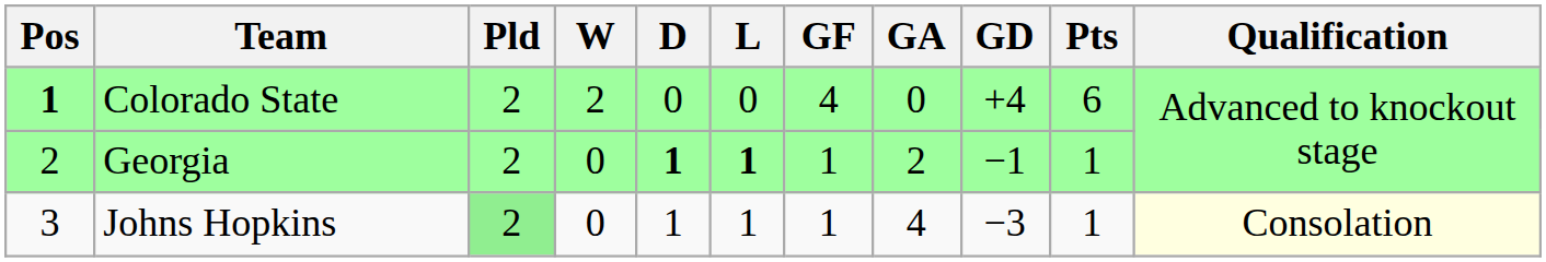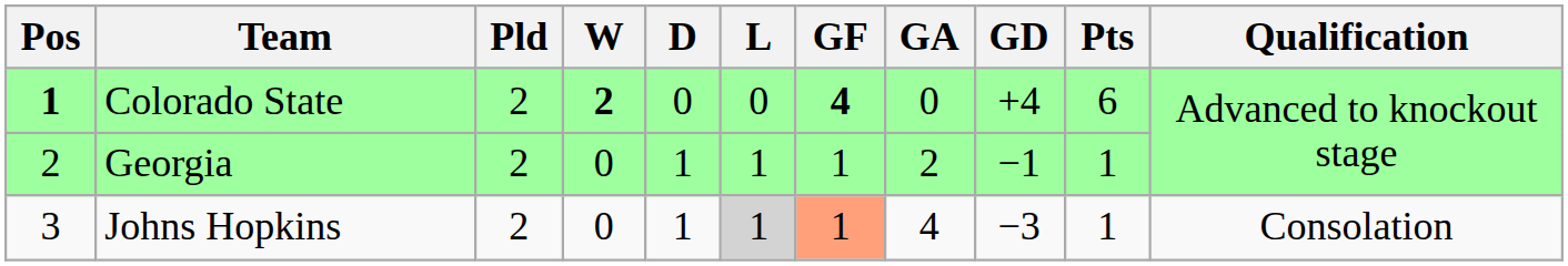 <table class="wikitable" style="text-align:center; margin: 1em auto">
 <tr>
 <th style="width:2em">Pos</th>
 <th style="width:13em">Team</th>
 <th style="width:2em">Pld</th>
 <th style="width:2em">W</th>
 <th style="width:2em">D</th>
 <th style="width:2em">L</th>
 <th style="width:2em">GF</th>
 <th style="width:2em">GA</th>
 <th style="width:2em">GD</th>
 <th style="width:2em">Pts</th>
 <th style="width:13em">Qualification</th>
 </tr>
 <tr bgcolor="#9eff9e">
 <td><strong>1</strong></td>
 <td style="text-align:left">Colorado State</td>
 <td>2</td>
-<td>2</td>
+<td><strong>2</strong></td>
 <td>0</td>
 <td>0</td>
-<td>4</td>
+<td><strong>4</strong></td>
 <td>0</td>
 <td>+4</td>
 <td>6</td>
 <td rowspan="2">Advanced to knockout stage</td>
 </tr>
 <tr bgcolor="#9eff9e">
 <td>2</td>
 <td style="text-align:left">Georgia</td>
 <td>2</td>
 <td>0</td>
-<td><strong>1</strong></td>
-<td><strong>1</strong></td>
+<td>1</td>
+<td>1</td>
 <td>1</td>
 <td>2</td>
 <td>−1</td>
 <td>1</td>
 </tr>
 <tr>
 <td>3</td>
 <td style="text-align:left">Johns Hopkins</td>
-<td style="background: lightgreen;">2</td>
+<td>2</td>
 <td>0</td>
 <td>1</td>
-<td>1</td>
-<td>1</td>
+<td style="background: lightgrey;">1</td>
+<td style="background: lightsalmon;">1</td>
 <td>4</td>
 <td>−3</td>
 <td>1</td>
-<td style="background: lightyellow;">Consolation</td>
+<td>Consolation</td>
 </tr>
 </table>
